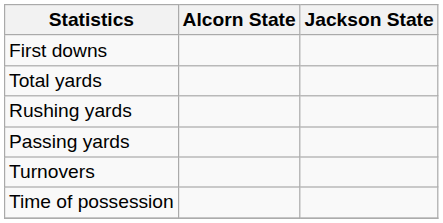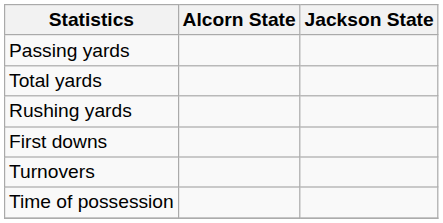 <table class="wikitable">
 <tr>
 <th>Statistics</th>
 <th>Alcorn State</th>
 <th>Jackson State</th>
 </tr>
 <tr>
-<td>First downs</td>
+<td>Passing yards</td>
 <td> </td>
 <td> </td>
 </tr>
 <tr>
 <td>Total yards</td>
 <td> </td>
 <td> </td>
 </tr>
 <tr>
 <td>Rushing yards</td>
 <td> </td>
 <td> </td>
 </tr>
 <tr>
-<td>Passing yards</td>
+<td>First downs</td>
 <td> </td>
 <td> </td>
 </tr>
 <tr>
 <td>Turnovers</td>
 <td> </td>
 <td> </td>
 </tr>
 <tr>
 <td>Time of possession</td>
 <td> </td>
 <td> </td>
 </tr>
 <tr>
 </tr>
 </table>
